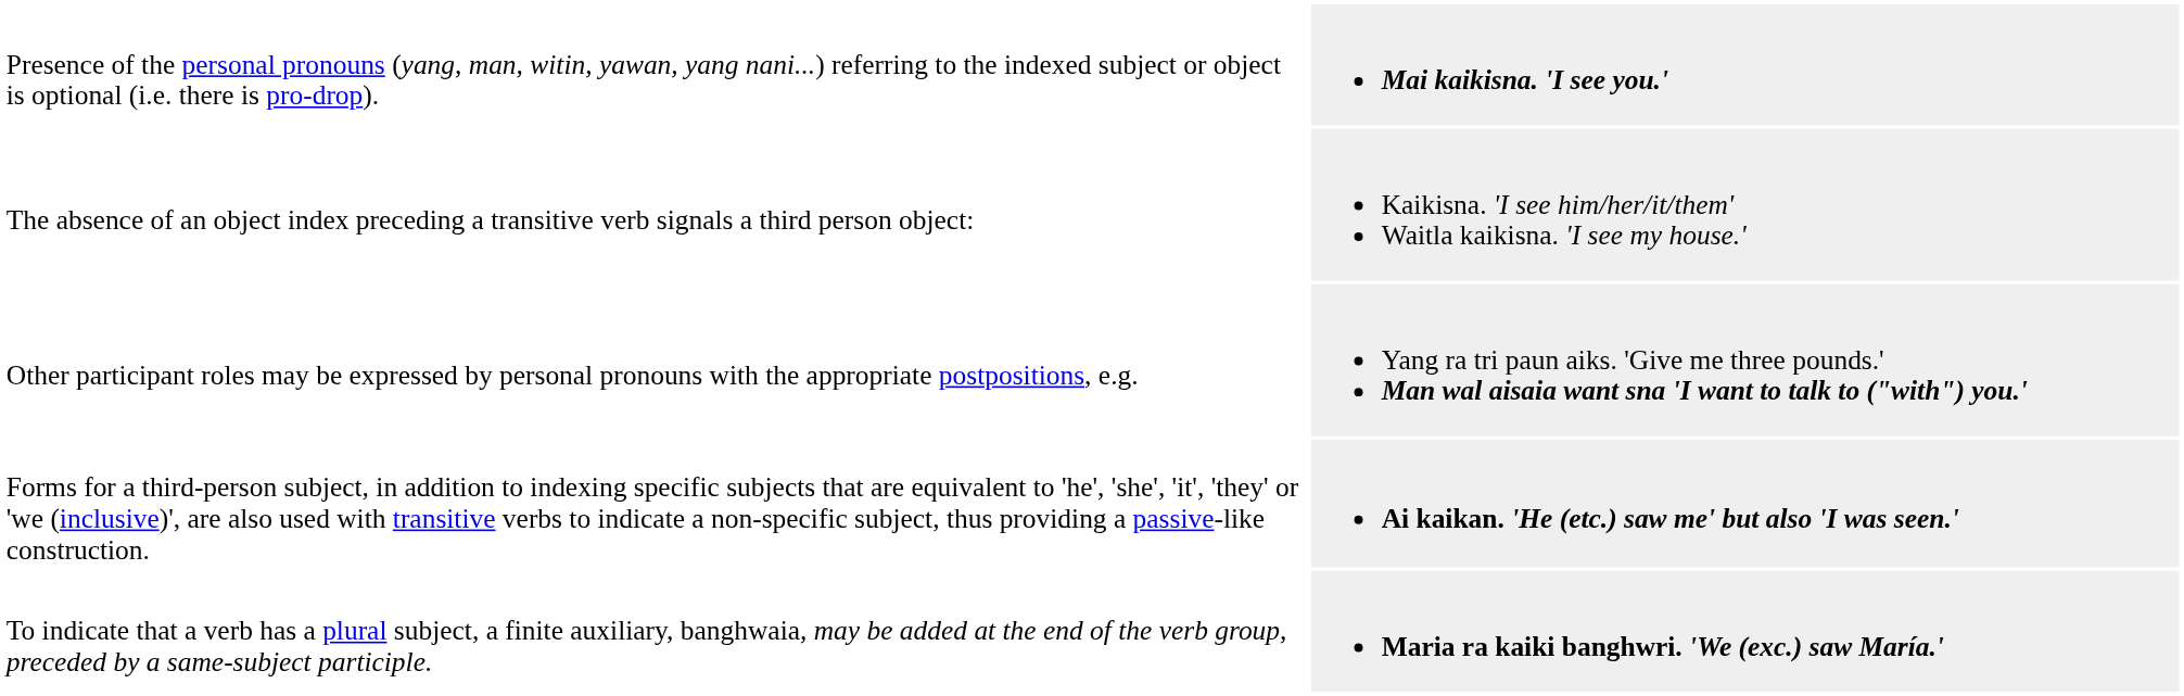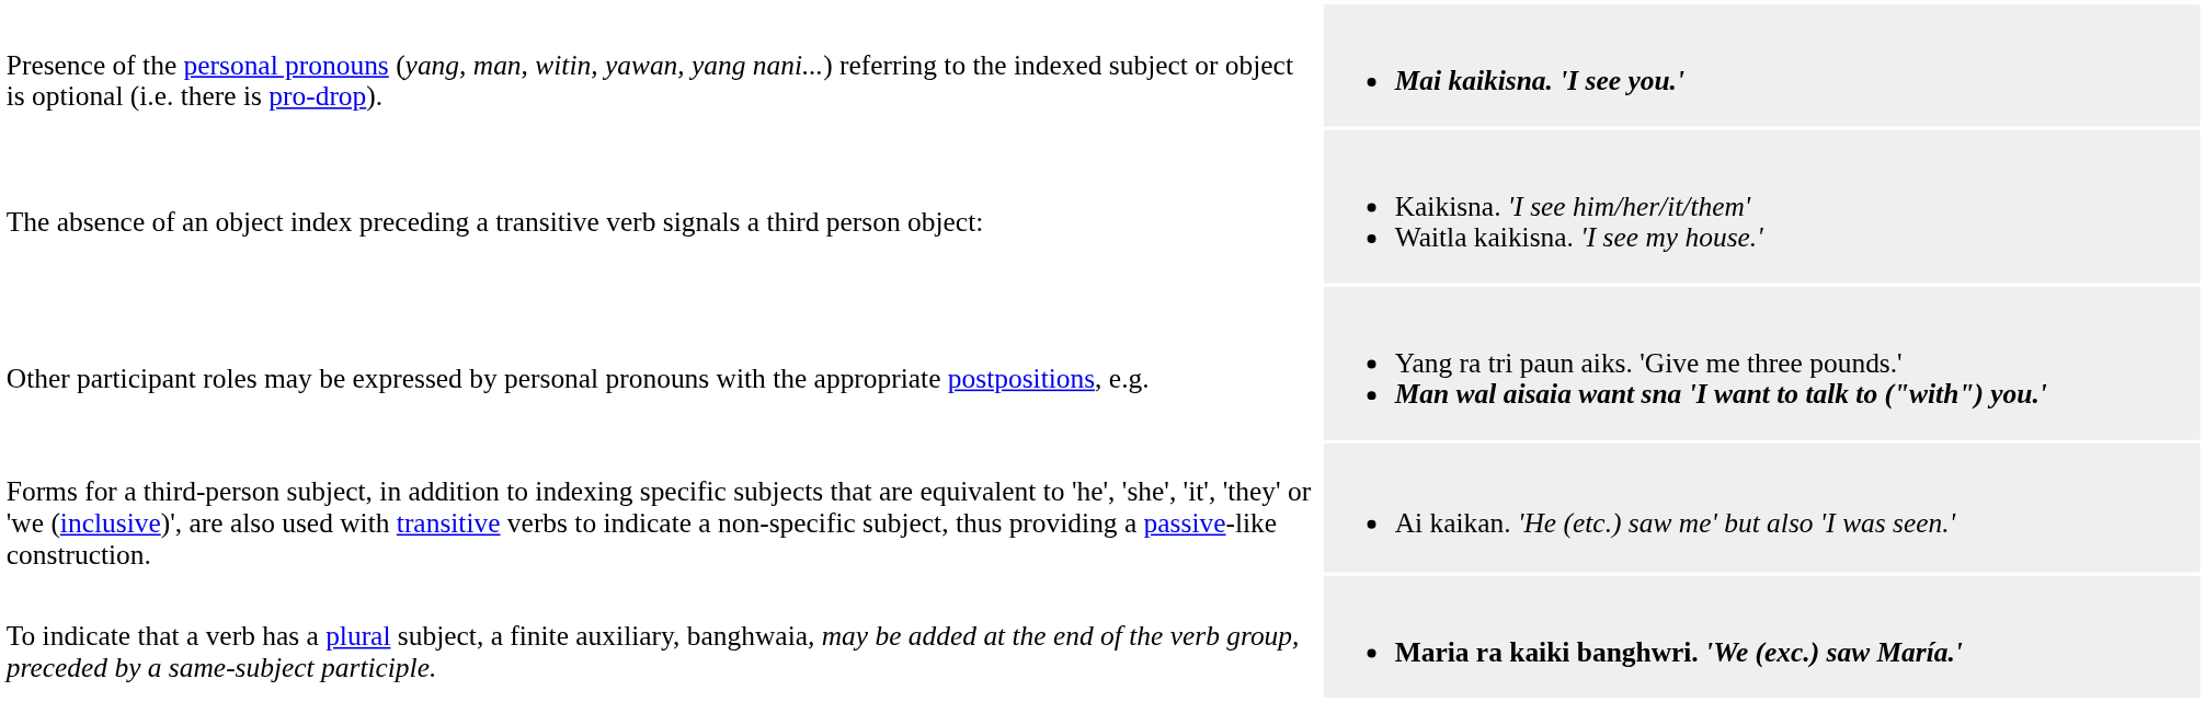 <table>
 <tr>
 <td><br>Presence of the <a href='#'>personal pronouns</a> (<em>yang, man, witin, yawan, yang nani...</em>) referring to the indexed subject or object is optional (i.e. there is <a href='#'>pro-drop</a>).</td>
 <td style="width:40%; background:#efefef;"><br><ul><li><strong><em>Mai<strong> kaikis</strong>na<strong>.<em> 'I see you.'</li></ul></td>
 </tr>
 <tr>
 <td><br>The absence of an object index preceding a transitive verb signals a third person object:</td>
 <td style="background:#efefef;"><br><ul><li></em>Kaikisna.<em> 'I see him/her/it/them'</li><li></em>Waitla kaikisna.<em> 'I see my house.'</li></ul></td>
 </tr>
 <tr>
 <td><br>Other participant roles may be expressed by personal pronouns with the appropriate <a href='#'>postpositions</a>, e.g.</td>
 <td style="background:#efefef;"><br><ul><li></em></strong>Yang ra</strong> tri paun aiks.</em> 'Give me three pounds.'</li><li><strong><em>Man wal<strong> aisaia want sna<em> 'I want to talk to ("with") you.'</li></ul></td>
 </tr>
 <tr>
 <td><br>Forms for a third-person subject, in addition to indexing specific subjects that are equivalent to 'he', 'she', 'it', 'they' or 'we (<a href='#'>inclusive</a>)', are also used with <a href='#'>transitive</a> verbs to indicate a non-specific subject, thus providing a <a href='#'>passive</a>-like construction.</td>
-<td style="width:40%; background:#efefef;"><strong><br><ul><li></em>Ai kaikan.<em> 'He (etc.) saw me' but also 'I was seen.'</li></ul></strong></td>
+<td style="width:40%; background:#efefef;"><br><ul><li></em>Ai kaikan.<em> 'He (etc.) saw me' but also 'I was seen.'</li></ul></td>
 </tr>
 <tr>
 <td><br>To indicate that a verb has a <a href='#'>plural</a> subject, a finite auxiliary, </em>banghwaia<em>, may be added at the end of the verb group, preceded by a same-subject participle.</td>
 <td style="width:40%; background:#efefef;"><strong><br><ul><li></em>Maria ra kaiki banghwri.<em> 'We (exc.) saw María.'</li></ul></strong></td>
 </tr>
 </table>
